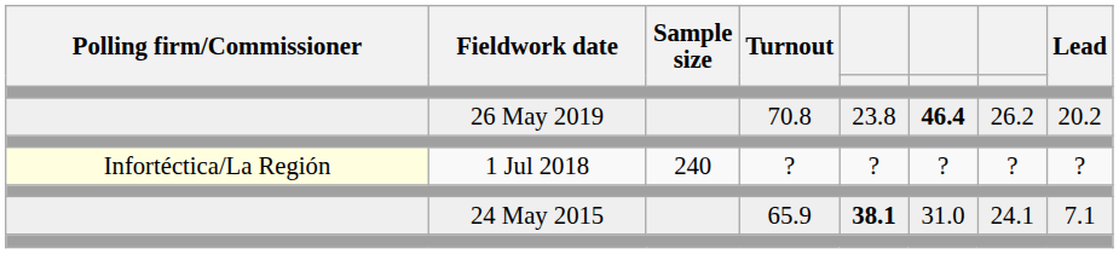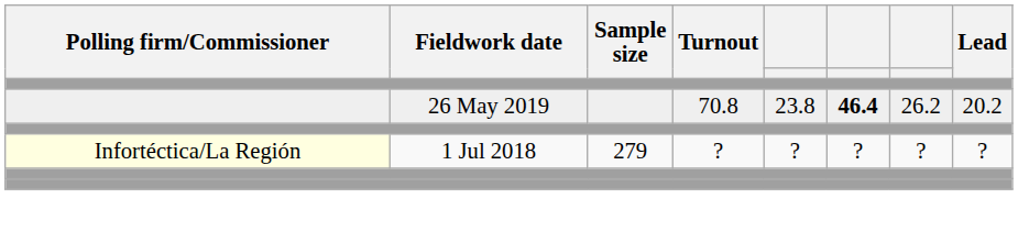 <table class="wikitable collapsible collapsed" style="text-align:center; font-size:95%; line-height:16px;">
 <tr style="height:42px;">
 <th style="width:250px;" rowspan="2">Polling firm/Commissioner</th>
 <th style="width:125px;" rowspan="2">Fieldwork date</th>
 <th style="width:50px;" rowspan="2">Sample size</th>
 <th style="width:45px;" rowspan="2">Turnout</th>
 <th style="width:35px;"></th>
 <th style="width:35px;"></th>
 <th style="width:35px;"></th>
 <th style="width:30px;" rowspan="2">Lead</th>
 </tr>
 <tr>
 <th style="color:inherit;background:"></th>
 <th style="color:inherit;background:"></th>
 <th style="color:inherit;background:"></th>
 </tr>
 <tr>
 <td colspan="8" style="background:#A0A0A0"></td>
 </tr>
 <tr style="background:#EFEFEF;">
 <td><strong></strong></td>
 <td>26 May 2019</td>
 <td></td>
 <td>70.8</td>
 <td>23.8<br></td>
 <td><strong>46.4</strong><br></td>
 <td>26.2<br></td>
 <td style="background:">20.2</td>
 </tr>
 <tr>
 <td colspan="8" style="background:#A0A0A0"></td>
 </tr>
 <tr>
 <td style="background: lightyellow;">Infortéctica/La Región</td>
 <td>1 Jul 2018</td>
-<td>240</td>
+<td>279</td>
 <td>?</td>
 <td>?<br></td>
 <td>?<br></td>
 <td>?<br></td>
 <td style="background:">?</td>
 </tr>
 <tr>
 <td colspan="8" style="background:#A0A0A0"></td>
 </tr>
-<tr style="background:#EFEFEF;">
-<td><strong></strong></td>
-<td>24 May 2015</td>
-<td></td>
-<td>65.9</td>
-<td><strong>38.1</strong><br></td>
-<td>31.0<br></td>
-<td>24.1<br></td>
-<td style="background:">7.1</td>
-</tr>
 <tr>
 <td colspan="8" style="background:#A0A0A0"></td>
 </tr>
 </table>
